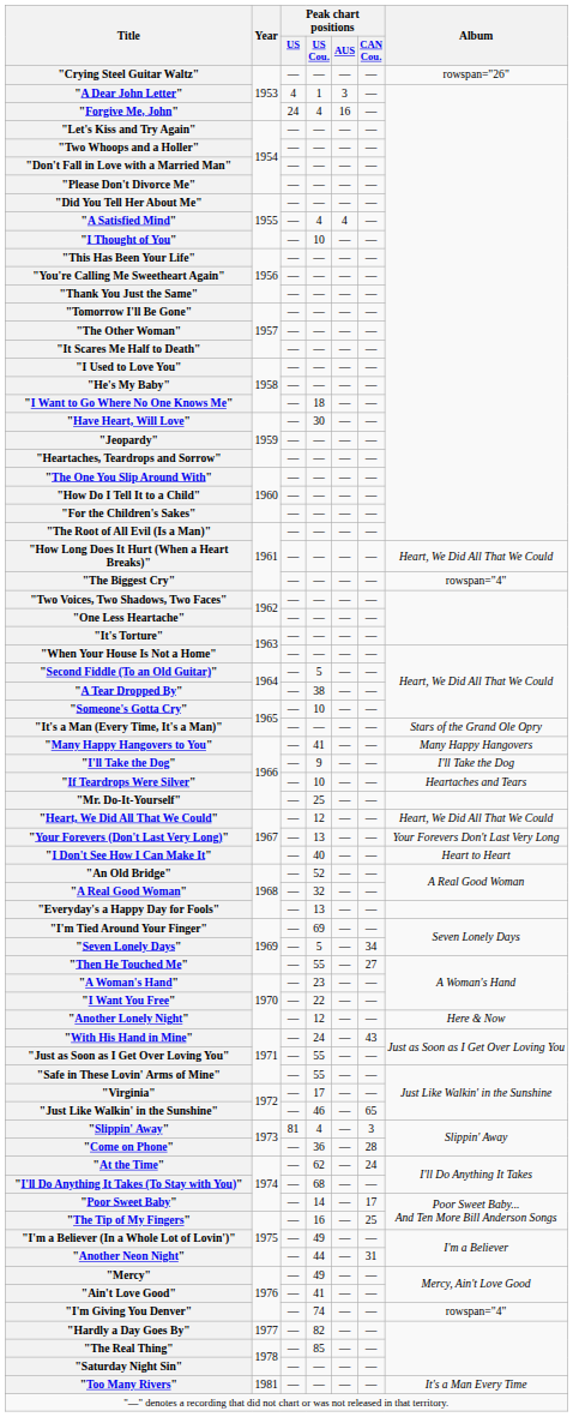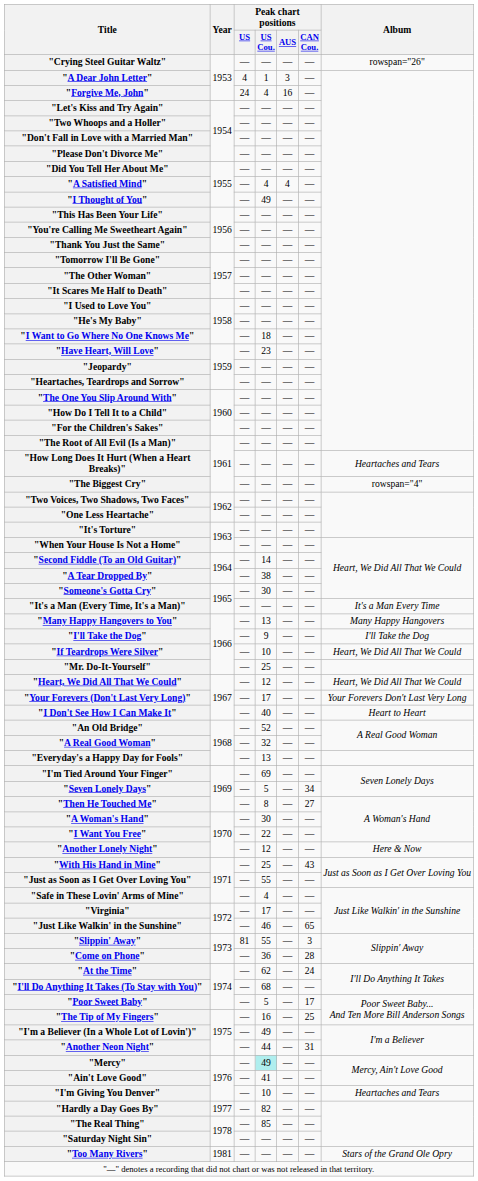 <table class="wikitable plainrowheaders" style="text-align:center;" border="1">
 <tr>
 <th scope="col" rowspan="2" style="width:21em;">Title</th>
 <th scope="col" rowspan="2">Year</th>
 <th scope="col" colspan="4">Peak chart positions</th>
 <th scope="col" rowspan="2">Album</th>
 </tr>
 <tr>
 <th scope="col" style="width:2em;font-size:90%;"><a href='#'>US</a><br><br></th>
 <th scope="col" style="width:2em;font-size:90%;"><a href='#'>US<br>Cou.</a><br></th>
 <th scope="col" style="width:2em;font-size:90%;"><a href='#'>AUS</a><br></th>
 <th scope="col" style="width:2em;font-size:90%;"><a href='#'>CAN<br>Cou.</a><br></th>
 </tr>
 <tr>
 <th scope="row">"Crying Steel Guitar Waltz" </th>
 <td rowspan="3">1953</td>
 <td>—</td>
 <td>—</td>
 <td>—</td>
 <td>—</td>
 <td>rowspan="26" </td>
 </tr>
 <tr>
 <th scope="row">"<a href='#'>A Dear John Letter</a>" </th>
 <td>4</td>
 <td>1</td>
 <td>3</td>
 <td>—</td>
 </tr>
 <tr>
 <th scope="row">"<a href='#'>Forgive Me, John</a>" </th>
 <td>24</td>
 <td>4</td>
 <td>16</td>
 <td>—</td>
 </tr>
 <tr>
 <th scope="row">"Let's Kiss and Try Again" </th>
 <td rowspan="4">1954</td>
 <td>—</td>
 <td>—</td>
 <td>—</td>
 <td>—</td>
 </tr>
 <tr>
 <th scope="row">"Two Whoops and a Holler"</th>
 <td>—</td>
 <td>—</td>
 <td>—</td>
 <td>—</td>
 </tr>
 <tr>
 <th scope="row">"Don't Fall in Love with a Married Man"</th>
 <td>—</td>
 <td>—</td>
 <td>—</td>
 <td>—</td>
 </tr>
 <tr>
 <th scope="row">"Please Don't Divorce Me"</th>
 <td>—</td>
 <td>—</td>
 <td>—</td>
 <td>—</td>
 </tr>
 <tr>
 <th scope="row">"Did You Tell Her About Me"</th>
 <td rowspan="3">1955</td>
 <td>—</td>
 <td>—</td>
 <td>—</td>
 <td>—</td>
 </tr>
 <tr>
 <th scope="row">"<a href='#'>A Satisfied Mind</a>"</th>
 <td>—</td>
 <td>4</td>
 <td>4</td>
 <td>—</td>
 </tr>
 <tr>
 <th scope="row">"<a href='#'>I Thought of You</a>"</th>
 <td>—</td>
-<td>10</td>
+<td>49</td>
 <td>—</td>
 <td>—</td>
 </tr>
 <tr>
 <th scope="row">"This Has Been Your Life"</th>
 <td rowspan="3">1956</td>
 <td>—</td>
 <td>—</td>
 <td>—</td>
 <td>—</td>
 </tr>
 <tr>
 <th scope="row">"You're Calling Me Sweetheart Again"</th>
 <td>—</td>
 <td>—</td>
 <td>—</td>
 <td>—</td>
 </tr>
 <tr>
 <th scope="row">"Thank You Just the Same"</th>
 <td>—</td>
 <td>—</td>
 <td>—</td>
 <td>—</td>
 </tr>
 <tr>
 <th scope="row">"Tomorrow I'll Be Gone"</th>
 <td rowspan="3">1957</td>
 <td>—</td>
 <td>—</td>
 <td>—</td>
 <td>—</td>
 </tr>
 <tr>
 <th scope="row">"The Other Woman"</th>
 <td>—</td>
 <td>—</td>
 <td>—</td>
 <td>—</td>
 </tr>
 <tr>
 <th scope="row">"It Scares Me Half to Death"</th>
 <td>—</td>
 <td>—</td>
 <td>—</td>
 <td>—</td>
 </tr>
 <tr>
 <th scope="row">"I Used to Love You"</th>
 <td rowspan="3">1958</td>
 <td>—</td>
 <td>—</td>
 <td>—</td>
 <td>—</td>
 </tr>
 <tr>
 <th scope="row">"He's My Baby"</th>
 <td>—</td>
 <td>—</td>
 <td>—</td>
 <td>—</td>
 </tr>
 <tr>
 <th scope="row">"<a href='#'>I Want to Go Where No One Knows Me</a>"</th>
 <td>—</td>
 <td>18</td>
 <td>—</td>
 <td>—</td>
 </tr>
 <tr>
 <th scope="row">"<a href='#'>Have Heart, Will Love</a>"</th>
 <td rowspan="3">1959</td>
 <td>—</td>
-<td>30</td>
+<td>23</td>
 <td>—</td>
 <td>—</td>
 </tr>
 <tr>
 <th scope="row">"Jeopardy"</th>
 <td>—</td>
 <td>—</td>
 <td>—</td>
 <td>—</td>
 </tr>
 <tr>
 <th scope="row">"Heartaches, Teardrops and Sorrow"</th>
 <td>—</td>
 <td>—</td>
 <td>—</td>
 <td>—</td>
 </tr>
 <tr>
 <th scope="row">"<a href='#'>The One You Slip Around With</a>"</th>
 <td rowspan="3">1960</td>
 <td>—</td>
 <td>—</td>
 <td>—</td>
 <td>—</td>
 </tr>
 <tr>
 <th scope="row">"How Do I Tell It to a Child"</th>
 <td>—</td>
 <td>—</td>
 <td>—</td>
 <td>—</td>
 </tr>
 <tr>
 <th scope="row">"For the Children's Sakes"</th>
 <td>—</td>
 <td>—</td>
 <td>—</td>
 <td>—</td>
 </tr>
 <tr>
 <th scope="row">"The Root of All Evil (Is a Man)"</th>
 <td rowspan="3">1961</td>
 <td>—</td>
 <td>—</td>
 <td>—</td>
 <td>—</td>
 </tr>
 <tr>
 <th scope="row">"How Long Does It Hurt (When a Heart Breaks)"</th>
 <td>—</td>
 <td>—</td>
 <td>—</td>
 <td>—</td>
-<td><em>Heart, We Did All That We Could</em></td>
+<td><em>Heartaches and Tears</em></td>
 </tr>
 <tr>
 <th scope="row">"The Biggest Cry"</th>
 <td>—</td>
 <td>—</td>
 <td>—</td>
 <td>—</td>
 <td>rowspan="4" </td>
 </tr>
 <tr>
 <th scope="row">"Two Voices, Two Shadows, Two Faces"</th>
 <td rowspan="2">1962</td>
 <td>—</td>
 <td>—</td>
 <td>—</td>
 <td>—</td>
 </tr>
 <tr>
 <th scope="row">"One Less Heartache"</th>
 <td>—</td>
 <td>—</td>
 <td>—</td>
 <td>—</td>
 </tr>
 <tr>
 <th scope="row">"It's Torture"</th>
 <td rowspan="2">1963</td>
 <td>—</td>
 <td>—</td>
 <td>—</td>
 <td>—</td>
 </tr>
 <tr>
 <th scope="row">"When Your House Is Not a Home"</th>
 <td>—</td>
 <td>—</td>
 <td>—</td>
 <td>—</td>
 <td rowspan="4"><em>Heart, We Did All That We Could</em></td>
 </tr>
 <tr>
 <th scope="row">"<a href='#'>Second Fiddle (To an Old Guitar)</a>"</th>
 <td rowspan="2">1964</td>
 <td>—</td>
-<td>5</td>
+<td>14</td>
 <td>—</td>
 <td>—</td>
 </tr>
 <tr>
 <th scope="row">"<a href='#'>A Tear Dropped By</a>"</th>
 <td>—</td>
 <td>38</td>
 <td>—</td>
 <td>—</td>
 </tr>
 <tr>
 <th scope="row">"<a href='#'>Someone's Gotta Cry</a>"</th>
 <td rowspan="2">1965</td>
 <td>—</td>
-<td>10</td>
+<td>30</td>
 <td>—</td>
 <td>—</td>
 </tr>
 <tr>
 <th scope="row">"It's a Man (Every Time, It's a Man)"</th>
 <td>—</td>
 <td>—</td>
 <td>—</td>
 <td>—</td>
-<td><em>Stars of the Grand Ole Opry</em></td>
+<td><em>It's a Man Every Time</em></td>
 </tr>
 <tr>
 <th scope="row">"<a href='#'>Many Happy Hangovers to You</a>"</th>
 <td rowspan="4">1966</td>
 <td>—</td>
-<td>41</td>
+<td>13</td>
 <td>—</td>
 <td>—</td>
 <td><em>Many Happy Hangovers</em></td>
 </tr>
 <tr>
 <th scope="row">"<a href='#'>I'll Take the Dog</a>" </th>
 <td>—</td>
 <td>9</td>
 <td>—</td>
 <td>—</td>
 <td><em>I'll Take the Dog</em></td>
 </tr>
 <tr>
 <th scope="row">"<a href='#'>If Teardrops Were Silver</a>"</th>
 <td>—</td>
 <td>10</td>
 <td>—</td>
 <td>—</td>
-<td><em>Heartaches and Tears</em></td>
+<td><em>Heart, We Did All That We Could</em></td>
 </tr>
 <tr>
 <th scope="row">"Mr. Do-It-Yourself" </th>
 <td>—</td>
 <td>25</td>
 <td>—</td>
 <td>—</td>
 <td></td>
 </tr>
 <tr>
 <th scope="row">"<a href='#'>Heart, We Did All That We Could</a>"</th>
 <td rowspan="3">1967</td>
 <td>—</td>
 <td>12</td>
 <td>—</td>
 <td>—</td>
 <td><em>Heart, We Did All That We Could</em></td>
 </tr>
 <tr>
 <th scope="row">"<a href='#'>Your Forevers (Don't Last Very Long)</a>"</th>
 <td>—</td>
-<td>13</td>
+<td>17</td>
 <td>—</td>
 <td>—</td>
 <td><em>Your Forevers Don't Last Very Long</em></td>
 </tr>
 <tr>
 <th scope="row">"<a href='#'>I Don't See How I Can Make It</a>"</th>
 <td>—</td>
 <td>40</td>
 <td>—</td>
 <td>—</td>
 <td><em>Heart to Heart</em></td>
 </tr>
 <tr>
 <th scope="row">"An Old Bridge"</th>
 <td rowspan="3">1968</td>
 <td>—</td>
 <td>52</td>
 <td>—</td>
 <td>—</td>
 <td rowspan="2"><em>A Real Good Woman</em></td>
 </tr>
 <tr>
 <th scope="row">"<a href='#'>A Real Good Woman</a>"</th>
 <td>—</td>
 <td>32</td>
 <td>—</td>
 <td>—</td>
 </tr>
 <tr>
 <th scope="row">"Everyday's a Happy Day for Fools"</th>
 <td>—</td>
 <td>13</td>
 <td>—</td>
 <td>—</td>
 <td></td>
 </tr>
 <tr>
 <th scope="row">"I'm Tied Around Your Finger"</th>
 <td rowspan="3">1969</td>
 <td>—</td>
 <td>69</td>
 <td>—</td>
 <td>—</td>
 <td rowspan="2"><em>Seven Lonely Days</em></td>
 </tr>
 <tr>
 <th scope="row">"<a href='#'>Seven Lonely Days</a>"</th>
 <td>—</td>
 <td>5</td>
 <td>—</td>
 <td>34</td>
 </tr>
 <tr>
 <th scope="row">"<a href='#'>Then He Touched Me</a>"</th>
 <td>—</td>
-<td>55</td>
+<td>8</td>
 <td>—</td>
 <td>27</td>
 <td rowspan="3"><em>A Woman's Hand</em></td>
 </tr>
 <tr>
 <th scope="row">"<a href='#'>A Woman's Hand</a>"</th>
 <td rowspan="3">1970</td>
 <td>—</td>
-<td>23</td>
+<td>30</td>
 <td>—</td>
 <td>—</td>
 </tr>
 <tr>
 <th scope="row">"<a href='#'>I Want You Free</a>"</th>
 <td>—</td>
 <td>22</td>
 <td>—</td>
 <td>—</td>
 </tr>
 <tr>
 <th scope="row">"<a href='#'>Another Lonely Night</a>"</th>
 <td>—</td>
 <td>12</td>
 <td>—</td>
 <td>—</td>
 <td><em>Here & Now</em></td>
 </tr>
 <tr>
 <th scope="row">"<a href='#'>With His Hand in Mine</a>"</th>
 <td rowspan="3">1971</td>
 <td>—</td>
-<td>24</td>
+<td>25</td>
 <td>—</td>
 <td>43</td>
 <td rowspan="2"><em>Just as Soon as I Get Over Loving You</em></td>
 </tr>
 <tr>
 <th scope="row">"Just as Soon as I Get Over Loving You"</th>
 <td>—</td>
 <td>55</td>
 <td>—</td>
 <td>—</td>
 </tr>
 <tr>
 <th scope="row">"Safe in These Lovin' Arms of Mine"</th>
 <td>—</td>
-<td>55</td>
+<td>4</td>
 <td>—</td>
 <td>—</td>
 <td rowspan="3"><em>Just Like Walkin' in the Sunshine</em></td>
 </tr>
 <tr>
 <th scope="row">"Virginia"</th>
 <td rowspan="2">1972</td>
 <td>—</td>
 <td>17</td>
 <td>—</td>
 <td>—</td>
 </tr>
 <tr>
 <th scope="row">"Just Like Walkin' in the Sunshine"</th>
 <td>—</td>
 <td>46</td>
 <td>—</td>
 <td>65</td>
 </tr>
 <tr>
 <th scope="row">"<a href='#'>Slippin' Away</a>"</th>
 <td rowspan="2">1973</td>
 <td>81</td>
-<td>4</td>
+<td>55</td>
 <td>—</td>
 <td>3</td>
 <td rowspan="2"><em>Slippin' Away</em></td>
 </tr>
 <tr>
 <th scope="row">"<a href='#'>Come on Phone</a>"</th>
 <td>—</td>
 <td>36</td>
 <td>—</td>
 <td>28</td>
 </tr>
 <tr>
 <th scope="row">"<a href='#'>At the Time</a>"</th>
 <td rowspan="3">1974</td>
 <td>—</td>
 <td>62</td>
 <td>—</td>
 <td>24</td>
 <td rowspan="2"><em>I'll Do Anything It Takes</em></td>
 </tr>
 <tr>
 <th scope="row">"<a href='#'>I'll Do Anything It Takes (To Stay with You)</a>"</th>
 <td>—</td>
 <td>68</td>
 <td>—</td>
 <td>—</td>
 </tr>
 <tr>
 <th scope="row">"<a href='#'>Poor Sweet Baby</a>"</th>
 <td>—</td>
-<td>14</td>
+<td>5</td>
 <td>—</td>
 <td>17</td>
 <td rowspan="2"><em>Poor Sweet Baby...<br>And Ten More Bill Anderson Songs</em></td>
 </tr>
 <tr>
 <th scope="row">"<a href='#'>The Tip of My Fingers</a>"</th>
 <td rowspan="3">1975</td>
 <td>—</td>
 <td>16</td>
 <td>—</td>
 <td>25</td>
 </tr>
 <tr>
 <th scope="row">"I'm a Believer (In a Whole Lot of Lovin')"</th>
 <td>—</td>
 <td>49</td>
 <td>—</td>
 <td>—</td>
 <td rowspan="2"><em>I'm a Believer</em></td>
 </tr>
 <tr>
 <th scope="row">"<a href='#'>Another Neon Night</a>"</th>
 <td>—</td>
 <td>44</td>
 <td>—</td>
 <td>31</td>
 </tr>
 <tr>
 <th scope="row">"Mercy"</th>
 <td rowspan="3">1976</td>
 <td>—</td>
-<td>49</td>
+<td style="background: paleturquoise;">49</td>
 <td>—</td>
 <td>—</td>
 <td rowspan="2"><em>Mercy, Ain't Love Good</em></td>
 </tr>
 <tr>
 <th scope="row">"Ain't Love Good"</th>
 <td>—</td>
 <td>41</td>
 <td>—</td>
 <td>—</td>
 </tr>
 <tr>
 <th scope="row">"I'm Giving You Denver"</th>
 <td>—</td>
-<td>74</td>
+<td>10</td>
 <td>—</td>
 <td>—</td>
-<td>rowspan="4" </td>
+<td><em>Heartaches and Tears</em></td>
 </tr>
 <tr>
 <th scope="row">"Hardly a Day Goes By"</th>
 <td>1977</td>
 <td>—</td>
 <td>82</td>
 <td>—</td>
 <td>—</td>
 </tr>
 <tr>
 <th scope="row">"The Real Thing"</th>
 <td rowspan="2">1978</td>
 <td>—</td>
 <td>85</td>
 <td>—</td>
 <td>—</td>
 </tr>
 <tr>
 <th scope="row">"Saturday Night Sin"</th>
 <td>—</td>
 <td>—</td>
 <td>—</td>
 <td>—</td>
 </tr>
 <tr>
 <th scope="row">"<a href='#'>Too Many Rivers</a>"</th>
 <td>1981</td>
 <td>—</td>
 <td>—</td>
 <td>—</td>
 <td>—</td>
-<td><em>It's a Man Every Time</em></td>
+<td><em>Stars of the Grand Ole Opry</em></td>
 </tr>
 <tr>
 <td colspan="7" style="font-size:90%">"—" denotes a recording that did not chart or was not released in that territory.</td>
 </tr>
 </table>
